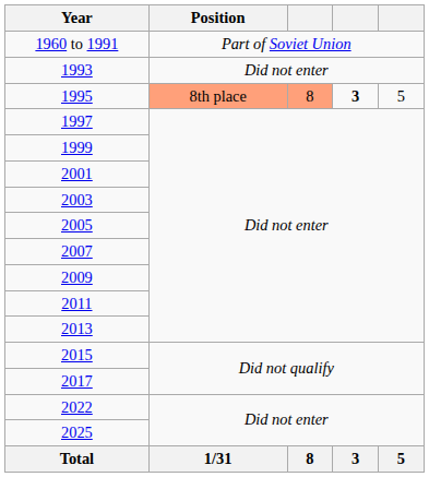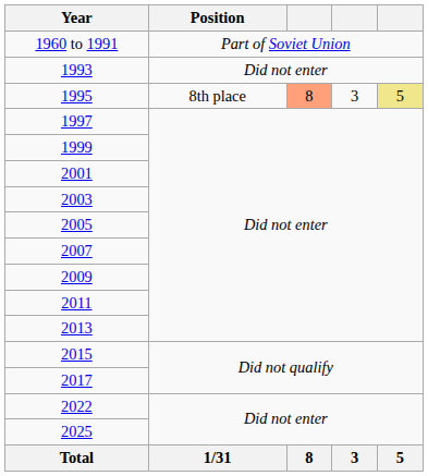 <table class="wikitable" style="text-align: center;font-size:90%;">
 <tr>
 <th width=125>Year</th>
 <th width=120>Position</th>
 <th width=35></th>
 <th width=35></th>
 <th width=35></th>
 </tr>
 <tr>
 <td><a href='#'>1960</a> to <a href='#'>1991</a></td>
 <td colspan=4><em>Part of <a href='#'>Soviet Union</a></em></td>
 </tr>
 <tr>
 <td> <a href='#'>1993</a></td>
 <td colspan=4><em>Did not enter</em></td>
 </tr>
 <tr>
 <td> <a href='#'>1995</a></td>
-<td style="background: lightsalmon;">8th place</td>
+<td>8th place</td>
 <td style="background: lightsalmon;">8</td>
-<td><strong>3</strong></td>
-<td>5</td>
+<td>3</td>
+<td style="background: khaki;">5</td>
 </tr>
 <tr>
 <td> <a href='#'>1997</a></td>
 <td rowspan=9 colspan=4><em>Did not enter</em></td>
 </tr>
 <tr>
 <td> <a href='#'>1999</a></td>
 </tr>
 <tr>
 <td> <a href='#'>2001</a></td>
 </tr>
 <tr>
 <td> <a href='#'>2003</a></td>
 </tr>
 <tr>
 <td> <a href='#'>2005</a></td>
 </tr>
 <tr>
 <td> <a href='#'>2007</a></td>
 </tr>
 <tr>
 <td> <a href='#'>2009</a></td>
 </tr>
 <tr>
 <td> <a href='#'>2011</a></td>
 </tr>
 <tr>
 <td> <a href='#'>2013</a></td>
 </tr>
 <tr>
 <td> <a href='#'>2015</a></td>
 <td rowspan=2 colspan=4><em>Did not qualify</em></td>
 </tr>
 <tr>
 <td> <a href='#'>2017</a></td>
 </tr>
 <tr>
 <td> <a href='#'>2022</a></td>
 <td rowspan=2 colspan=4><em>Did not enter</em></td>
 </tr>
 <tr>
 <td> <a href='#'>2025</a></td>
 </tr>
 <tr>
 <th>Total</th>
 <th>1/31</th>
 <th>8</th>
 <th>3</th>
 <th>5</th>
 </tr>
 </table>
